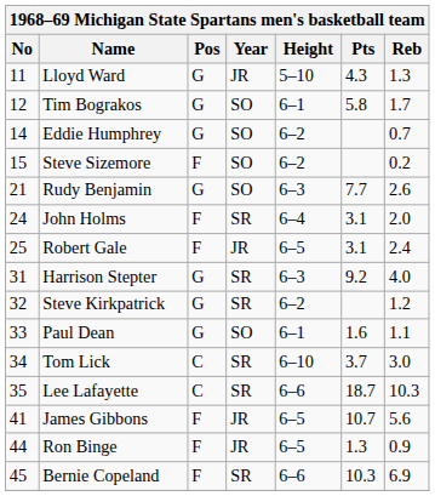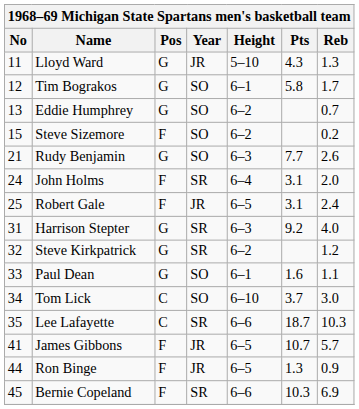 <table class="wikitable sortable" style="font-size: 90%" |->
 <tr>
 <th colspan=9 style=>1968–69 Michigan State Spartans men's basketball team</th>
 </tr>
 <tr>
 <th style="background:#">No</th>
 <th style="background:#">Name</th>
 <th style="background:#">Pos</th>
 <th style="background:#">Year</th>
 <th style="background:#">Height</th>
 <th style="background:#">Pts</th>
 <th style="background:#">Reb</th>
 </tr>
 <tr>
 <td>11</td>
 <td>Lloyd Ward</td>
 <td>G</td>
 <td>JR</td>
 <td>5–10</td>
 <td>4.3</td>
 <td>1.3</td>
 </tr>
 <tr>
 <td>12</td>
 <td>Tim Bograkos</td>
 <td>G</td>
 <td>SO</td>
 <td>6–1</td>
 <td>5.8</td>
 <td>1.7</td>
 </tr>
 <tr>
-<td>14</td>
+<td>13</td>
 <td>Eddie Humphrey</td>
 <td>G</td>
 <td>SO</td>
 <td>6–2</td>
 <td></td>
 <td>0.7</td>
 </tr>
 <tr>
 <td>15</td>
 <td>Steve Sizemore</td>
 <td>F</td>
 <td>SO</td>
 <td>6–2</td>
 <td></td>
 <td>0.2</td>
 </tr>
 <tr>
 <td>21</td>
 <td>Rudy Benjamin</td>
 <td>G</td>
 <td>SO</td>
 <td>6–3</td>
 <td>7.7</td>
 <td>2.6</td>
 </tr>
 <tr>
 <td>24</td>
 <td>John Holms</td>
 <td>F</td>
 <td>SR</td>
 <td>6–4</td>
 <td>3.1</td>
 <td>2.0</td>
 </tr>
 <tr>
 <td>25</td>
 <td>Robert Gale</td>
 <td>F</td>
 <td>JR</td>
 <td>6–5</td>
 <td>3.1</td>
 <td>2.4</td>
 </tr>
 <tr>
 <td>31</td>
 <td>Harrison Stepter</td>
 <td>G</td>
 <td>SR</td>
 <td>6–3</td>
 <td>9.2</td>
 <td>4.0</td>
 </tr>
 <tr>
 <td>32</td>
 <td>Steve Kirkpatrick</td>
 <td>G</td>
 <td>SR</td>
 <td>6–2</td>
 <td></td>
 <td>1.2</td>
 </tr>
 <tr>
 <td>33</td>
 <td>Paul Dean</td>
 <td>G</td>
 <td>SO</td>
 <td>6–1</td>
 <td>1.6</td>
 <td>1.1</td>
 </tr>
 <tr>
 <td>34</td>
 <td>Tom Lick</td>
 <td>C</td>
-<td>SR</td>
+<td>SO</td>
 <td>6–10</td>
 <td>3.7</td>
 <td>3.0</td>
 </tr>
 <tr>
 <td>35</td>
 <td>Lee Lafayette</td>
 <td>C</td>
 <td>SR</td>
 <td>6–6</td>
 <td>18.7</td>
 <td>10.3</td>
 </tr>
 <tr>
 <td>41</td>
 <td>James Gibbons</td>
 <td>F</td>
 <td>JR</td>
 <td>6–5</td>
 <td>10.7</td>
-<td>5.6</td>
+<td>5.7</td>
 </tr>
 <tr>
 <td>44</td>
 <td>Ron Binge</td>
 <td>F</td>
 <td>JR</td>
 <td>6–5</td>
 <td>1.3</td>
 <td>0.9</td>
 </tr>
 <tr>
 <td>45</td>
 <td>Bernie Copeland</td>
 <td>F</td>
 <td>SR</td>
 <td>6–6</td>
 <td>10.3</td>
 <td>6.9</td>
 </tr>
 <tr>
 </tr>
 </table>
